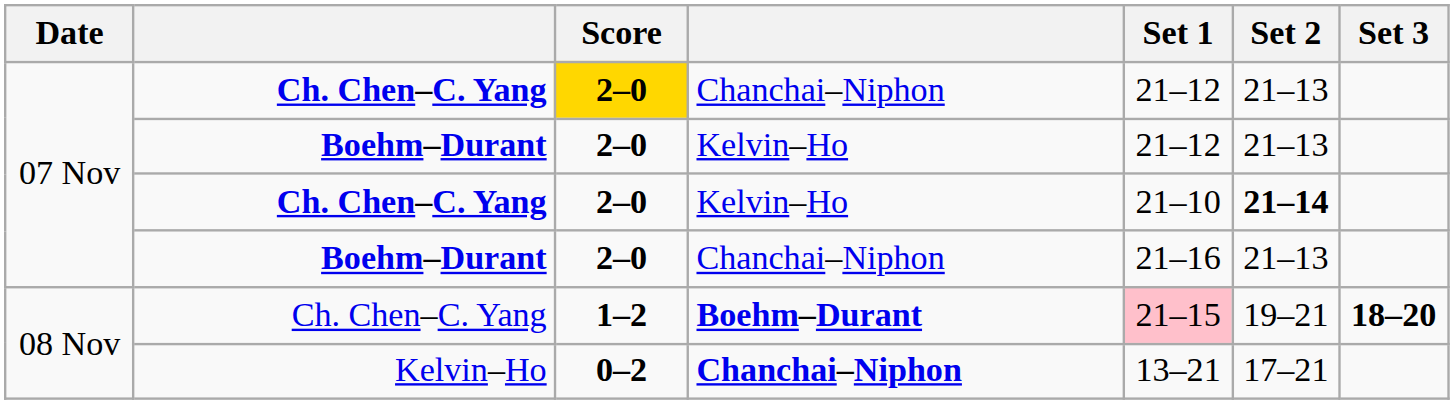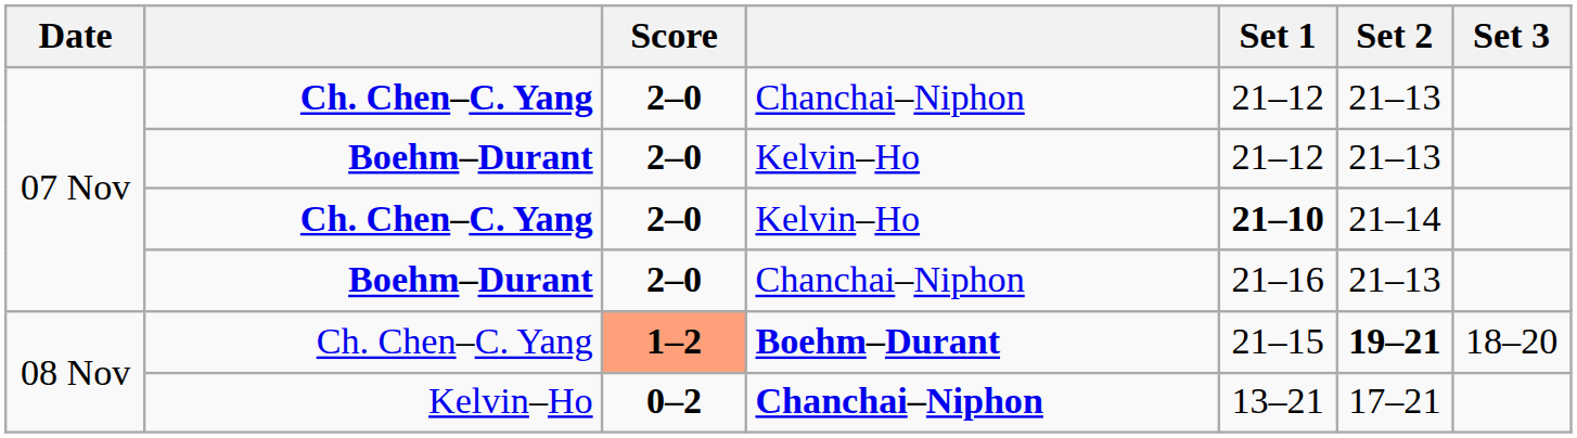 <table class="wikitable" style="text-align: center; font-size:90% ">
 <tr>
 <th width="60">Date</th>
 <th align="right" width="250"></th>
 <th width="60">Score</th>
 <th align="left" width="250"></th>
 <th width="50">Set 1</th>
 <th width="50">Set 2</th>
 <th width="50">Set 3</th>
 </tr>
 <tr>
 <td rowspan=4>07 Nov</td>
 <td align=right><strong><a href='#'>Ch. Chen</a>–<a href='#'>C. Yang</a> </strong></td>
-<td align=center style="background: gold;"><strong>2–0</strong></td>
+<td align=center><strong>2–0</strong></td>
 <td align=left> <a href='#'>Chanchai</a>–<a href='#'>Niphon</a></td>
 <td>21–12</td>
 <td>21–13</td>
 <td></td>
 </tr>
 <tr>
 <td align=right><strong><a href='#'>Boehm</a>–<a href='#'>Durant</a> </strong></td>
 <td align=center><strong>2–0</strong></td>
 <td align=left> <a href='#'>Kelvin</a>–<a href='#'>Ho</a></td>
 <td>21–12</td>
 <td>21–13</td>
 <td></td>
 </tr>
 <tr>
 <td align=right><strong><a href='#'>Ch. Chen</a>–<a href='#'>C. Yang</a> </strong></td>
 <td align=center><strong>2–0</strong></td>
 <td align=left> <a href='#'>Kelvin</a>–<a href='#'>Ho</a></td>
-<td>21–10</td>
-<td><strong>21–14</strong></td>
+<td><strong>21–10</strong></td>
+<td>21–14</td>
 <td></td>
 </tr>
 <tr>
 <td align=right><strong><a href='#'>Boehm</a>–<a href='#'>Durant</a> </strong></td>
 <td align=center><strong>2–0</strong></td>
 <td align=left> <a href='#'>Chanchai</a>–<a href='#'>Niphon</a></td>
 <td>21–16</td>
 <td>21–13</td>
 <td></td>
 </tr>
 <tr>
 <td rowspan=2>08 Nov</td>
 <td align=right><a href='#'>Ch. Chen</a>–<a href='#'>C. Yang</a> </td>
-<td align=center><strong>1–2</strong></td>
+<td align=center style="background: lightsalmon;"><strong>1–2</strong></td>
 <td align=left><strong> <a href='#'>Boehm</a>–<a href='#'>Durant</a></strong></td>
-<td style="background: pink;">21–15</td>
-<td>19–21</td>
-<td><strong>18–20</strong></td>
+<td>21–15</td>
+<td><strong>19–21</strong></td>
+<td>18–20</td>
 </tr>
 <tr>
 <td align=right><a href='#'>Kelvin</a>–<a href='#'>Ho</a> </td>
 <td align=center><strong>0–2</strong></td>
 <td align=left><strong> <a href='#'>Chanchai</a>–<a href='#'>Niphon</a></strong></td>
 <td>13–21</td>
 <td>17–21</td>
 <td></td>
 </tr>
 </table>
